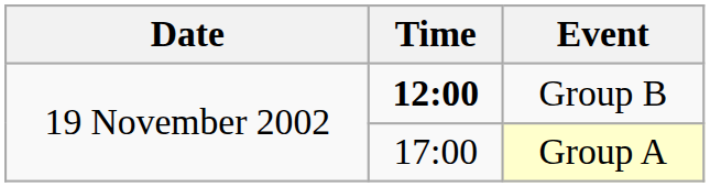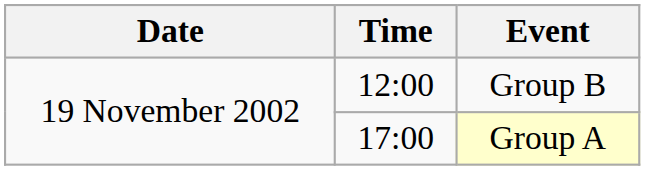 <table class = "wikitable" style="text-align:center;">
 <tr>
 <th width=150>Date</th>
 <th width=50>Time</th>
 <th width=80>Event</th>
 </tr>
 <tr>
 <td rowspan=2>19 November 2002</td>
-<td><strong>12:00</strong></td>
+<td>12:00</td>
 <td>Group B</td>
 </tr>
 <tr>
 <td>17:00</td>
 <td bgcolor=ffffcc>Group A</td>
 </tr>
 </table>
